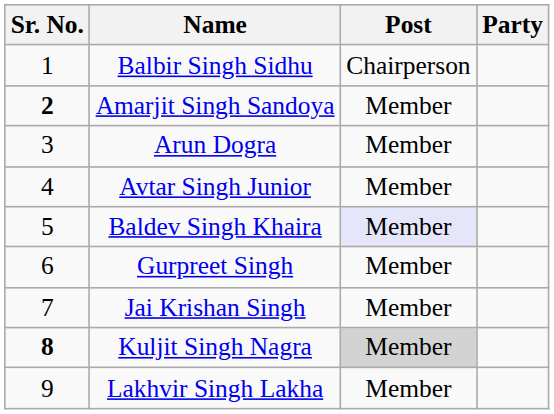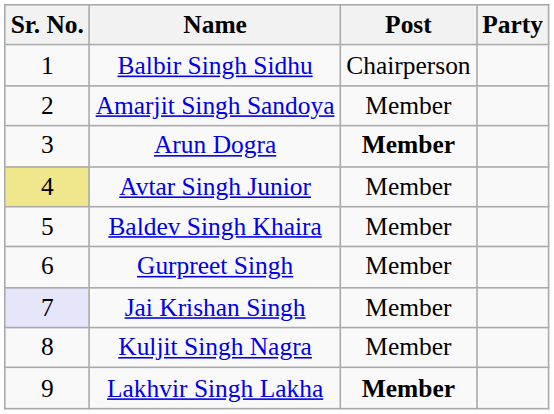 <table class="wikitable sortable">
 <tr>
 <th>Sr. No.</th>
 <th>Name</th>
 <th>Post</th>
 <th colspan="2">Party</th>
 </tr>
 <tr align="center">
 <td>1</td>
 <td><a href='#'>Balbir Singh Sidhu</a></td>
 <td>Chairperson</td>
 <td></td>
 </tr>
 <tr align="center">
-<td><strong>2</strong></td>
+<td>2</td>
 <td><a href='#'>Amarjit Singh Sandoya</a></td>
 <td>Member</td>
 <td></td>
 </tr>
 <tr align="center">
 <td>3</td>
 <td><a href='#'>Arun Dogra</a></td>
-<td>Member</td>
+<td><strong>Member</strong></td>
 <td></td>
 </tr>
 <tr align="center">
-<td>4</td>
+<td style="background: khaki;">4</td>
 <td><a href='#'>Avtar Singh Junior</a></td>
 <td>Member</td>
 <td></td>
 </tr>
 <tr align="center">
 <td>5</td>
 <td><a href='#'>Baldev Singh Khaira</a></td>
-<td style="background: lavender;">Member</td>
+<td>Member</td>
 <td></td>
 </tr>
 <tr align="center">
 <td>6</td>
 <td><a href='#'>Gurpreet Singh</a></td>
 <td>Member</td>
 <td></td>
 </tr>
 <tr align="center">
-<td>7</td>
+<td style="background: lavender;">7</td>
 <td><a href='#'>Jai Krishan Singh</a></td>
 <td>Member</td>
 <td></td>
 </tr>
 <tr align="center">
-<td><strong>8</strong></td>
+<td>8</td>
 <td><a href='#'>Kuljit Singh Nagra</a></td>
-<td style="background: lightgrey;">Member</td>
+<td>Member</td>
 <td></td>
 </tr>
 <tr align="center">
 <td>9</td>
 <td><a href='#'>Lakhvir Singh Lakha</a></td>
-<td>Member</td>
+<td><strong>Member</strong></td>
 <td></td>
 </tr>
 </table>
